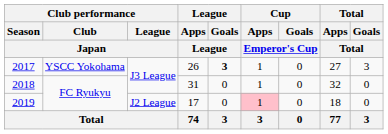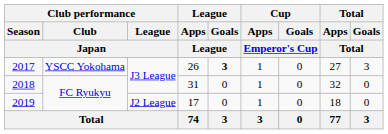 <table class="wikitable" style="text-align:center;">
 <tr>
 <th colspan=3>Club performance</th>
 <th colspan=2>League</th>
 <th colspan=2>Cup</th>
 <th colspan=2>Total</th>
 </tr>
 <tr>
 <th>Season</th>
 <th>Club</th>
 <th>League</th>
 <th>Apps</th>
 <th>Goals</th>
 <th>Apps</th>
 <th>Goals</th>
 <th>Apps</th>
 <th>Goals</th>
 </tr>
 <tr>
 <th colspan=3>Japan</th>
 <th colspan=2>League</th>
 <th colspan=2><a href='#'>Emperor's Cup</a></th>
 <th colspan=2>Total</th>
 </tr>
 <tr>
 <td><a href='#'>2017</a></td>
 <td><a href='#'>YSCC Yokohama</a></td>
 <td rowspan="2"><a href='#'>J3 League</a></td>
 <td>26</td>
 <td><strong>3</strong></td>
 <td>1</td>
 <td>0</td>
 <td>27</td>
 <td>3</td>
 </tr>
 <tr>
 <td><a href='#'>2018</a></td>
 <td rowspan="2"><a href='#'>FC Ryukyu</a></td>
 <td>31</td>
 <td>0</td>
 <td>1</td>
 <td>0</td>
 <td>32</td>
 <td>0</td>
 </tr>
 <tr>
 <td><a href='#'>2019</a></td>
 <td rowspan="1"><a href='#'>J2 League</a></td>
 <td>17</td>
 <td>0</td>
-<td style="background: pink;">1</td>
+<td>1</td>
 <td>0</td>
 <td>18</td>
 <td>0</td>
 </tr>
 <tr>
 <th colspan=3>Total</th>
 <th>74</th>
 <th>3</th>
 <th>3</th>
 <th>0</th>
 <th>77</th>
 <th>3</th>
 </tr>
 </table>
